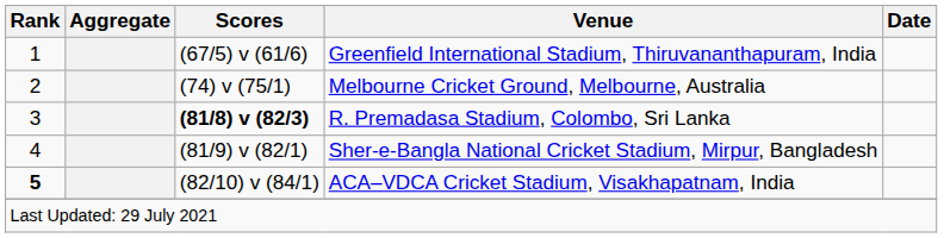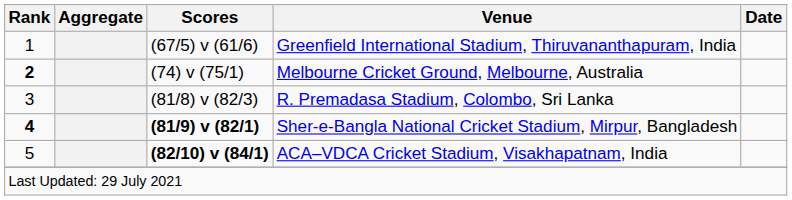 <table class="wikitable sortable">
 <tr>
 <th scope=col>Rank</th>
 <th scope=col>Aggregate</th>
 <th scope=col>Scores</th>
 <th scope=col>Venue</th>
 <th scope=col>Date</th>
 </tr>
 <tr>
 <td align=center>1</td>
 <th scope=row style=text-align:center;></th>
 <td> (67/5) v  (61/6)</td>
 <td><a href='#'>Greenfield International Stadium</a>, <a href='#'>Thiruvananthapuram</a>, India</td>
 <td></td>
 </tr>
 <tr>
-<td align=center>2</td>
+<td align=center><strong>2</strong></td>
 <th scope=row style=text-align:center;></th>
 <td> (74) v  (75/1)</td>
 <td><a href='#'>Melbourne Cricket Ground</a>, <a href='#'>Melbourne</a>, Australia</td>
 <td></td>
 </tr>
 <tr>
 <td align=center>3</td>
 <th scope=row style=text-align:center;></th>
-<td><strong> (81/8) v  (82/3)</strong></td>
+<td> (81/8) v  (82/3)</td>
 <td><a href='#'>R. Premadasa Stadium</a>, <a href='#'>Colombo</a>, Sri Lanka</td>
 <td></td>
 </tr>
 <tr>
-<td align=center>4</td>
+<td align=center><strong>4</strong></td>
 <th scope=row style=text-align:center;></th>
-<td> (81/9) v  (82/1)</td>
+<td><strong> (81/9) v  (82/1)</strong></td>
 <td><a href='#'>Sher-e-Bangla National Cricket Stadium</a>, <a href='#'>Mirpur</a>, Bangladesh</td>
 <td> </td>
 </tr>
 <tr>
-<td align=center><strong>5</strong></td>
+<td align=center>5</td>
 <th scope=row style=text-align:center;></th>
-<td> (82/10) v  (84/1)</td>
+<td><strong> (82/10) v  (84/1)</strong></td>
 <td><a href='#'>ACA–VDCA Cricket Stadium</a>, <a href='#'>Visakhapatnam</a>, India</td>
 <td></td>
 </tr>
 <tr>
 </tr>
 <tr class=sortbottom>
 <td colspan=5><small>Last Updated: 29 July 2021</small></td>
 </tr>
 </table>
